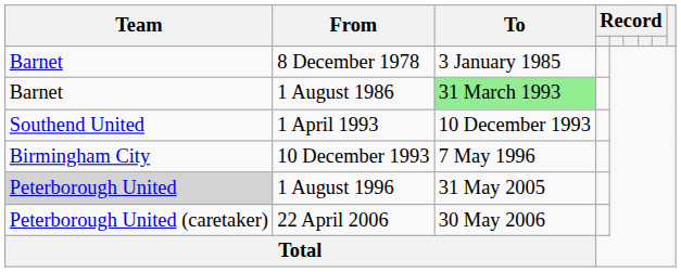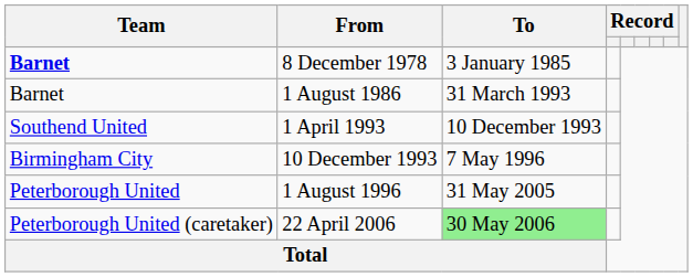 <table class="wikitable" style="text-align: center">
 <tr>
 <th rowspan="2">Team</th>
 <th rowspan="2">From</th>
 <th rowspan="2">To</th>
 <th colspan="5">Record</th>
 <th rowspan=2></th>
 </tr>
 <tr>
 <th></th>
 <th></th>
 <th></th>
 <th></th>
 <th></th>
 </tr>
 <tr>
-<td align=left><a href='#'>Barnet</a></td>
+<td align=left><strong><a href='#'>Barnet</a></strong></td>
 <td align=left>8 December 1978</td>
 <td align=left>3 January 1985<br></td>
 <td></td>
 </tr>
 <tr>
 <td align=left>Barnet</td>
 <td align=left>1 August 1986</td>
-<td align=left style="background: lightgreen;">31 March 1993<br></td>
+<td align=left>31 March 1993<br></td>
 <td></td>
 </tr>
 <tr>
 <td align=left><a href='#'>Southend United</a></td>
 <td align=left>1 April 1993</td>
 <td align=left>10 December 1993<br></td>
 <td></td>
 </tr>
 <tr>
 <td align=left><a href='#'>Birmingham City</a></td>
 <td align=left>10 December 1993</td>
 <td align=left>7 May 1996<br></td>
 <td></td>
 </tr>
 <tr>
-<td align=left style="background: lightgrey;"><a href='#'>Peterborough United</a></td>
+<td align=left><a href='#'>Peterborough United</a></td>
 <td align=left>1 August 1996</td>
 <td align=left>31 May 2005<br></td>
 <td></td>
 </tr>
 <tr>
 <td align=left><a href='#'>Peterborough United</a> (caretaker)</td>
 <td align=left>22 April 2006</td>
-<td align=left>30 May 2006<br></td>
+<td align=left style="background: lightgreen;">30 May 2006<br></td>
 <td></td>
 </tr>
 <tr>
 <th colspan=3>Total<br></th>
 </tr>
 </table>
